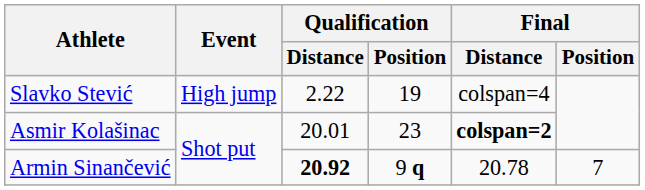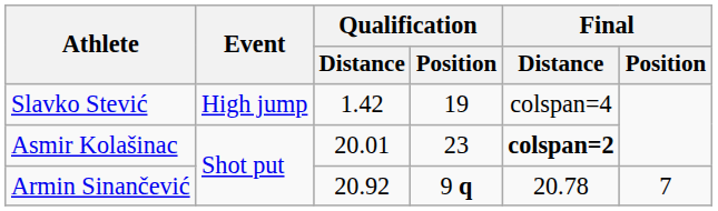 <table class=wikitable style=font-size:90%>
 <tr>
 <th rowspan=2>Athlete</th>
 <th rowspan=2>Event</th>
 <th colspan=2>Qualification</th>
 <th colspan=2>Final</th>
 </tr>
 <tr style=font-size:95%>
 <th>Distance</th>
 <th>Position</th>
 <th>Distance</th>
 <th>Position</th>
 </tr>
 <tr align=center>
 <td align=left><a href='#'>Slavko Stević</a></td>
 <td align=left><a href='#'>High jump</a></td>
-<td>2.22</td>
+<td>1.42</td>
 <td>19</td>
 <td>colspan=4 </td>
 </tr>
 <tr align=center>
 <td align=left><a href='#'>Asmir Kolašinac</a></td>
 <td align=left rowspan=2><a href='#'>Shot put</a></td>
 <td>20.01</td>
 <td>23</td>
 <td><strong>colspan=2 </strong></td>
 </tr>
 <tr align=center>
 <td align=left><a href='#'>Armin Sinančević</a></td>
-<td><strong>20.92</strong></td>
+<td>20.92</td>
 <td>9 <strong>q</strong></td>
 <td>20.78</td>
 <td>7</td>
 </tr>
 </table>
